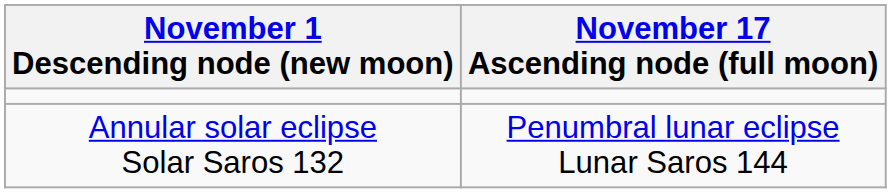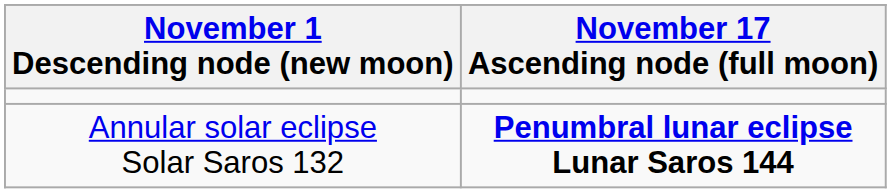 <table class="wikitable">
 <tr>
 <th><a href='#'>November 1</a><br>Descending node (new moon)</th>
 <th><a href='#'>November 17</a><br>Ascending node (full moon)</th>
 </tr>
 <tr>
 <td></td>
 <td></td>
 </tr>
 <tr align=center>
 <td><a href='#'>Annular solar eclipse</a><br>Solar Saros 132</td>
-<td><a href='#'>Penumbral lunar eclipse</a><br>Lunar Saros 144</td>
+<td><strong><a href='#'>Penumbral lunar eclipse</a><br>Lunar Saros 144</strong></td>
 </tr>
 </table>
